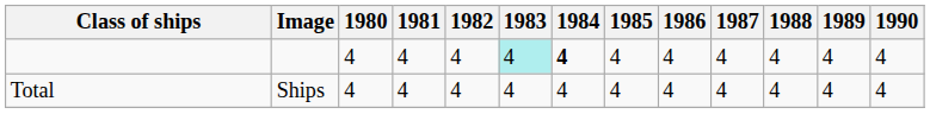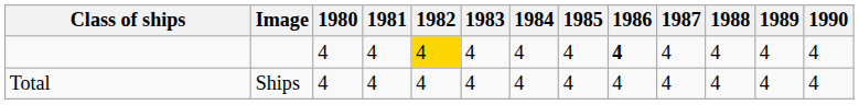 <table class="wikitable sortable collapsible collapsed">
 <tr>
 <th style="width:29%;">Class of ships</th>
 <th>Image</th>
 <th>1980</th>
 <th>1981</th>
 <th>1982</th>
 <th>1983</th>
 <th>1984</th>
 <th>1985</th>
 <th>1986</th>
 <th>1987</th>
 <th>1988</th>
 <th>1989</th>
 <th>1990</th>
 </tr>
 <tr valign="top">
 <td></td>
 <td></td>
 <td>4</td>
 <td>4</td>
-<td>4</td>
-<td style="background: paleturquoise;">4</td>
-<td><strong>4</strong></td>
+<td style="background: gold;">4</td>
 <td>4</td>
 <td>4</td>
+<td>4</td>
+<td><strong>4</strong></td>
 <td>4</td>
 <td>4</td>
 <td>4</td>
 <td>4</td>
 </tr>
 <tr valign="top">
 <td>Total</td>
 <td>Ships</td>
 <td>4</td>
 <td>4</td>
 <td>4</td>
 <td>4</td>
 <td>4</td>
 <td>4</td>
 <td>4</td>
 <td>4</td>
 <td>4</td>
 <td>4</td>
 <td>4</td>
 </tr>
 <tr>
 </tr>
 </table>
